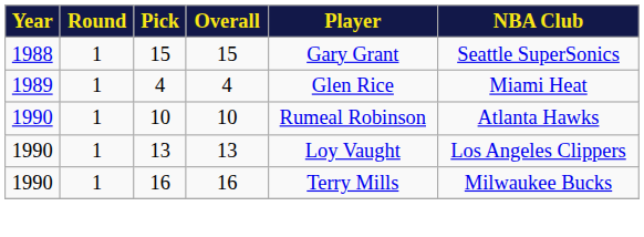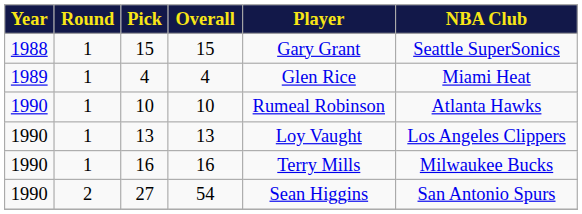 <table class="wikitable" width="80%">
 <tr align="center"  style="background:#121849;color:#F8E616;">
 <td><strong>Year</strong></td>
 <td><strong>Round</strong></td>
 <td><strong>Pick</strong></td>
 <td><strong>Overall</strong></td>
 <td><strong>Player</strong></td>
 <td><strong>NBA Club</strong></td>
 </tr>
 <tr align="center" bgcolor="">
 <td><a href='#'>1988</a></td>
 <td>1</td>
 <td>15</td>
 <td>15</td>
 <td><a href='#'>Gary Grant</a></td>
 <td><a href='#'>Seattle SuperSonics</a></td>
 </tr>
 <tr align="center" bgcolor="">
 <td><a href='#'>1989</a></td>
 <td>1</td>
 <td>4</td>
 <td>4</td>
 <td><a href='#'>Glen Rice</a></td>
 <td><a href='#'>Miami Heat</a></td>
 </tr>
 <tr align="center" bgcolor="">
 <td><a href='#'>1990</a></td>
 <td>1</td>
 <td>10</td>
 <td>10</td>
 <td><a href='#'>Rumeal Robinson</a></td>
 <td><a href='#'>Atlanta Hawks</a></td>
 </tr>
 <tr align="center" bgcolor="">
 <td>1990</td>
 <td>1</td>
 <td>13</td>
 <td>13</td>
 <td><a href='#'>Loy Vaught</a></td>
 <td><a href='#'>Los Angeles Clippers</a></td>
 </tr>
 <tr align="center" bgcolor="">
 <td>1990</td>
 <td>1</td>
 <td>16</td>
 <td>16</td>
 <td><a href='#'>Terry Mills</a></td>
 <td><a href='#'>Milwaukee Bucks</a></td>
 </tr>
 <tr align="center" bgcolor="">
+<td>1990</td>
+<td>2</td>
+<td>27</td>
+<td>54</td>
+<td><a href='#'>Sean Higgins</a></td>
+<td><a href='#'>San Antonio Spurs</a></td>
+</tr>
+<tr align="center" bgcolor="">
 </tr>
 </table>
